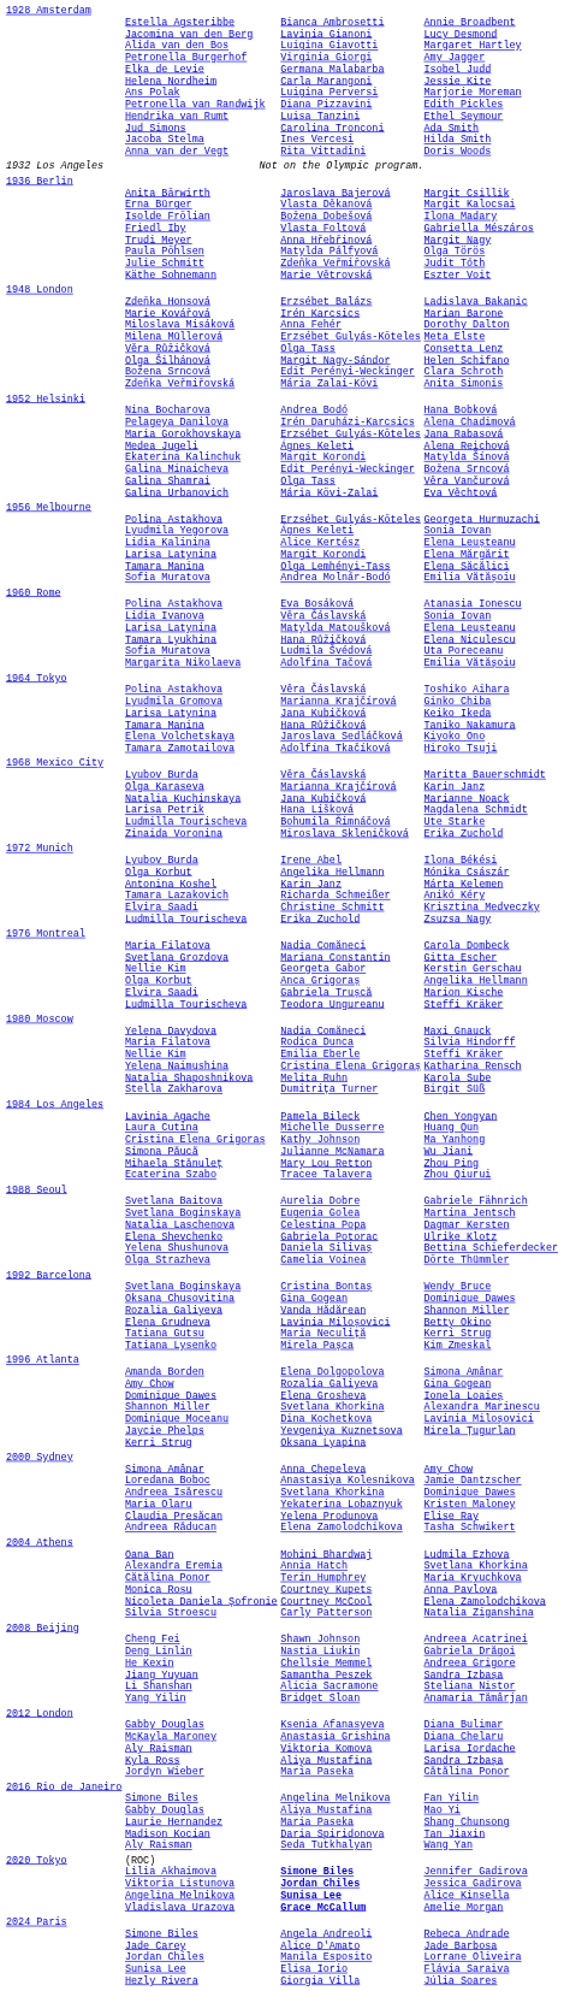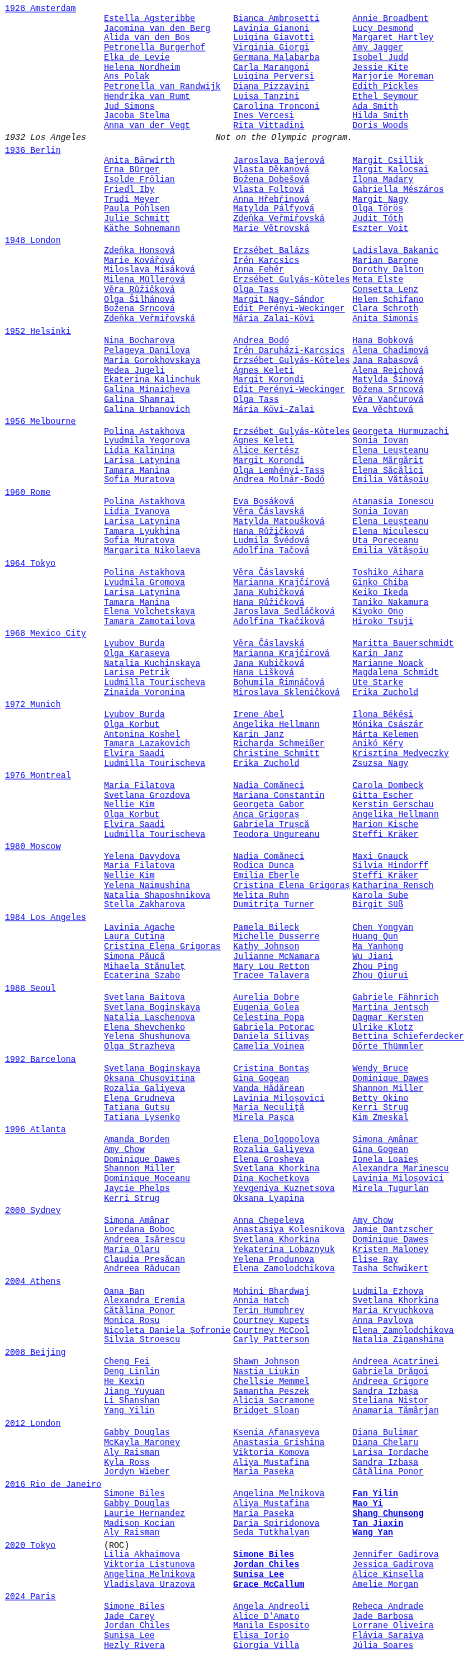 <table>
 <tr valign="top">
 <td><a href='#'>1928 Amsterdam</a><br></td>
 <td><br><a href='#'>Estella Agsteribbe</a><br><a href='#'>Jacomina van den Berg</a><br><a href='#'>Alida van den Bos</a><br><a href='#'>Petronella Burgerhof</a><br><a href='#'>Elka de Levie</a><br><a href='#'>Helena Nordheim</a><br><a href='#'>Ans Polak</a><br><a href='#'>Petronella van Randwijk</a><br><a href='#'>Hendrika van Rumt</a><br><a href='#'>Jud Simons</a><br><a href='#'>Jacoba Stelma</a><br><a href='#'>Anna van der Vegt</a></td>
 <td><br><a href='#'>Bianca Ambrosetti</a><br><a href='#'>Lavinia Gianoni</a><br><a href='#'>Luigina Giavotti</a><br><a href='#'>Virginia Giorgi</a><br><a href='#'>Germana Malabarba</a><br><a href='#'>Carla Marangoni</a><br><a href='#'>Luigina Perversi</a><br><a href='#'>Diana Pizzavini</a><br><a href='#'>Luisa Tanzini</a><br><a href='#'>Carolina Tronconi</a><br><a href='#'>Ines Vercesi</a><br><a href='#'>Rita Vittadini</a></td>
 <td><br><a href='#'>Annie Broadbent</a><br><a href='#'>Lucy Desmond</a><br><a href='#'>Margaret Hartley</a><br><a href='#'>Amy Jagger</a><br><a href='#'>Isobel Judd</a><br><a href='#'>Jessie Kite</a><br><a href='#'>Marjorie Moreman</a><br><a href='#'>Edith Pickles</a><br><a href='#'>Ethel Seymour</a><br><a href='#'>Ada Smith</a><br><a href='#'>Hilda Smith</a><br><a href='#'>Doris Woods</a></td>
 </tr>
 <tr valign="top">
 <td><em>1932 Los Angeles</em></td>
 <td colspan=3 align=center><em> Not on the Olympic program.</em></td>
 </tr>
 <tr valign="top">
 <td><a href='#'>1936 Berlin</a><br></td>
 <td><br><a href='#'>Anita Bärwirth</a><br><a href='#'>Erna Bürger</a><br><a href='#'>Isolde Frölian</a><br><a href='#'>Friedl Iby</a><br><a href='#'>Trudi Meyer</a><br><a href='#'>Paula Pöhlsen</a><br><a href='#'>Julie Schmitt</a><br><a href='#'>Käthe Sohnemann</a></td>
 <td><br><a href='#'>Jaroslava Bajerová</a><br><a href='#'>Vlasta Děkanová</a><br><a href='#'>Božena Dobešová</a><br><a href='#'>Vlasta Foltová</a><br><a href='#'>Anna Hřebřinová</a><br><a href='#'>Matylda Pálfyová</a><br><a href='#'>Zdeňka Veřmiřovská</a><br><a href='#'>Marie Větrovská</a></td>
 <td><br><a href='#'>Margit Csillik</a><br><a href='#'>Margit Kalocsai</a><br><a href='#'>Ilona Madary</a><br><a href='#'>Gabriella Mészáros</a><br><a href='#'>Margit Nagy</a><br><a href='#'>Olga Törös</a><br><a href='#'>Judit Tóth</a><br><a href='#'>Eszter Voit</a></td>
 </tr>
 <tr valign="top">
 <td><a href='#'>1948 London</a><br></td>
 <td><br><a href='#'>Zdeňka Honsová</a><br><a href='#'>Marie Kovářová</a><br><a href='#'>Miloslava Misáková</a><br><a href='#'>Milena Müllerová</a><br><a href='#'>Věra Růžičková</a><br><a href='#'>Olga Šilhánová</a><br><a href='#'>Božena Srncová</a><br><a href='#'>Zdeňka Veřmiřovská</a></td>
 <td><br><a href='#'>Erzsébet Balázs</a><br><a href='#'>Irén Karcsics</a><br><a href='#'>Anna Fehér</a><br><a href='#'>Erzsébet Gulyás-Köteles</a><br><a href='#'>Olga Tass</a><br><a href='#'>Margit Nagy-Sándor</a><br><a href='#'>Edit Perényi-Weckinger</a><br><a href='#'>Mária Zalai-Kövi</a></td>
 <td><br><a href='#'>Ladislava Bakanic</a><br><a href='#'>Marian Barone</a><br><a href='#'>Dorothy Dalton</a><br><a href='#'>Meta Elste</a><br><a href='#'>Consetta Lenz</a><br><a href='#'>Helen Schifano</a><br><a href='#'>Clara Schroth</a><br><a href='#'>Anita Simonis</a></td>
 </tr>
 <tr valign="top">
 <td><a href='#'>1952 Helsinki</a><br></td>
 <td><br><a href='#'>Nina Bocharova</a><br><a href='#'>Pelageya Danilova</a> <br><a href='#'>Maria Gorokhovskaya</a><br><a href='#'>Medea Jugeli</a><br><a href='#'>Ekaterina Kalinchuk</a><br><a href='#'>Galina Minaicheva</a><br><a href='#'>Galina Shamrai</a><br><a href='#'>Galina Urbanovich</a></td>
 <td><br><a href='#'>Andrea Bodó</a><br><a href='#'>Irén Daruházi-Karcsics</a><br><a href='#'>Erzsébet Gulyás-Köteles</a><br><a href='#'>Ágnes Keleti</a><br><a href='#'>Margit Korondi</a><br><a href='#'>Edit Perényi-Weckinger</a><br><a href='#'>Olga Tass</a><br><a href='#'>Mária Kövi-Zalai</a></td>
 <td><br><a href='#'>Hana Bobková</a><br><a href='#'>Alena Chadimová</a><br><a href='#'>Jana Rabasová</a> <br><a href='#'>Alena Reichová</a><br><a href='#'>Matylda Šínová</a> <br><a href='#'>Božena Srncová</a><br><a href='#'>Věra Vančurová</a> <br><a href='#'>Eva Věchtová</a></td>
 </tr>
 <tr valign="top">
 <td><a href='#'>1956 Melbourne</a><br></td>
 <td><br><a href='#'>Polina Astakhova</a><br><a href='#'>Lyudmila Yegorova</a><br><a href='#'>Lidia Kalinina</a><br><a href='#'>Larisa Latynina</a><br><a href='#'>Tamara Manina</a><br><a href='#'>Sofia Muratova</a></td>
 <td><br><a href='#'>Erzsébet Gulyás-Köteles</a><br><a href='#'>Ágnes Keleti</a><br><a href='#'>Alice Kertész</a><br><a href='#'>Margit Korondi</a><br><a href='#'>Olga Lemhényi-Tass</a><br><a href='#'>Andrea Molnár-Bodó</a></td>
 <td><br><a href='#'>Georgeta Hurmuzachi</a><br><a href='#'>Sonia Iovan</a><br><a href='#'>Elena Leușteanu</a><br><a href='#'>Elena Mărgărit</a><br><a href='#'>Elena Săcălici</a><br><a href='#'>Emilia Vătășoiu</a></td>
 </tr>
 <tr valign="top">
 <td><a href='#'>1960 Rome</a><br></td>
 <td valign=top><br><a href='#'>Polina Astakhova</a><br><a href='#'>Lidia Ivanova</a><br><a href='#'>Larisa Latynina</a><br><a href='#'>Tamara Lyukhina</a><br><a href='#'>Sofia Muratova</a><br><a href='#'>Margarita Nikolaeva</a></td>
 <td valign=top><br><a href='#'>Eva Bosáková</a><br><a href='#'>Věra Čáslavská</a><br><a href='#'>Matylda Matoušková</a><br><a href='#'>Hana Růžičková</a><br><a href='#'>Ludmila Švédová</a><br><a href='#'>Adolfína Tačová</a></td>
 <td valign=top><br><a href='#'>Atanasia Ionescu</a><br><a href='#'>Sonia Iovan</a><br><a href='#'>Elena Leușteanu</a><br><a href='#'>Elena Niculescu</a><br><a href='#'>Uta Poreceanu</a><br><a href='#'>Emilia Vătășoiu</a></td>
 </tr>
 <tr valign="top">
 <td><a href='#'>1964 Tokyo</a><br></td>
 <td valign=top><br><a href='#'>Polina Astakhova</a><br><a href='#'>Lyudmila Gromova</a><br><a href='#'>Larisa Latynina</a><br><a href='#'>Tamara Manina</a><br><a href='#'>Elena Volchetskaya</a><br><a href='#'>Tamara Zamotailova</a></td>
 <td valign=top><br><a href='#'>Věra Čáslavská</a><br><a href='#'>Marianna Krajčírová</a><br><a href='#'>Jana Kubičková</a><br><a href='#'>Hana Růžičková</a><br><a href='#'>Jaroslava Sedláčková</a><br><a href='#'>Adolfína Tkačíková</a></td>
 <td valign=top><br><a href='#'>Toshiko Aihara</a><br><a href='#'>Ginko Chiba</a><br><a href='#'>Keiko Ikeda</a><br><a href='#'>Taniko Nakamura</a><br><a href='#'>Kiyoko Ono</a><br><a href='#'>Hiroko Tsuji</a></td>
 </tr>
 <tr valign="top">
 <td><a href='#'>1968 Mexico City</a><br></td>
 <td valign=top><br><a href='#'>Lyubov Burda</a><br><a href='#'>Olga Karaseva</a><br><a href='#'>Natalia Kuchinskaya</a><br><a href='#'>Larisa Petrik</a><br><a href='#'>Ludmilla Tourischeva</a><br><a href='#'>Zinaida Voronina</a></td>
 <td valign=top><br><a href='#'>Věra Čáslavská</a><br><a href='#'>Marianna Krajčírová</a><br><a href='#'>Jana Kubičková</a><br><a href='#'>Hana Lišková</a><br><a href='#'>Bohumila Řimnáčová</a><br><a href='#'>Miroslava Skleničková</a></td>
 <td valign=top><br><a href='#'>Maritta Bauerschmidt</a><br><a href='#'>Karin Janz</a><br><a href='#'>Marianne Noack</a><br><a href='#'>Magdalena Schmidt</a><br><a href='#'>Ute Starke</a><br><a href='#'>Erika Zuchold</a></td>
 </tr>
 <tr valign="top">
 <td><a href='#'>1972 Munich</a><br></td>
 <td valign=top><br><a href='#'>Lyubov Burda</a><br><a href='#'>Olga Korbut</a><br><a href='#'>Antonina Koshel</a><br><a href='#'>Tamara Lazakovich</a><br><a href='#'>Elvira Saadi</a><br><a href='#'>Ludmilla Tourischeva</a></td>
 <td valign=top><br><a href='#'>Irene Abel</a><br><a href='#'>Angelika Hellmann</a><br><a href='#'>Karin Janz</a><br><a href='#'>Richarda Schmeißer</a><br><a href='#'>Christine Schmitt</a><br><a href='#'>Erika Zuchold</a></td>
 <td valign=top><br><a href='#'>Ilona Békési</a><br><a href='#'>Mónika Császár</a><br><a href='#'>Márta Kelemen</a><br><a href='#'>Anikó Kéry</a><br><a href='#'>Krisztina Medveczky</a><br><a href='#'>Zsuzsa Nagy</a></td>
 </tr>
 <tr valign="top">
 <td><a href='#'>1976 Montreal</a><br></td>
 <td valign=top><br><a href='#'>Maria Filatova</a><br><a href='#'>Svetlana Grozdova</a><br><a href='#'>Nellie Kim</a><br><a href='#'>Olga Korbut</a><br><a href='#'>Elvira Saadi</a><br><a href='#'>Ludmilla Tourischeva</a></td>
 <td valign=top><br><a href='#'>Nadia Comăneci</a><br><a href='#'>Mariana Constantin</a><br><a href='#'>Georgeta Gabor</a><br><a href='#'>Anca Grigoraș</a><br><a href='#'>Gabriela Trușcă</a><br><a href='#'>Teodora Ungureanu</a></td>
 <td valign=top><br><a href='#'>Carola Dombeck</a><br><a href='#'>Gitta Escher</a><br><a href='#'>Kerstin Gerschau</a><br><a href='#'>Angelika Hellmann</a><br><a href='#'>Marion Kische</a><br><a href='#'>Steffi Kräker</a></td>
 </tr>
 <tr valign="top">
 <td><a href='#'>1980 Moscow</a><br></td>
 <td valign=top><br><a href='#'>Yelena Davydova</a><br><a href='#'>Maria Filatova</a><br><a href='#'>Nellie Kim</a><br><a href='#'>Yelena Naimushina</a><br><a href='#'>Natalia Shaposhnikova</a><br><a href='#'>Stella Zakharova</a></td>
 <td valign=top><br><a href='#'>Nadia Comăneci</a><br><a href='#'>Rodica Dunca</a><br><a href='#'>Emilia Eberle</a><br><a href='#'>Cristina Elena Grigoraș</a><br><a href='#'>Melita Ruhn</a><br><a href='#'>Dumitrița Turner</a></td>
 <td valign=top><br><a href='#'>Maxi Gnauck</a><br><a href='#'>Silvia Hindorff</a><br><a href='#'>Steffi Kräker</a><br><a href='#'>Katharina Rensch</a><br><a href='#'>Karola Sube</a><br><a href='#'>Birgit Süß</a></td>
 </tr>
 <tr valign="top">
 <td><a href='#'>1984 Los Angeles</a><br></td>
 <td valign=top><br><a href='#'>Lavinia Agache</a><br><a href='#'>Laura Cutina</a><br><a href='#'>Cristina Elena Grigoraș</a><br><a href='#'>Simona Păucă</a><br><a href='#'>Mihaela Stănuleț</a><br><a href='#'>Ecaterina Szabo</a></td>
 <td valign=top><br><a href='#'>Pamela Bileck</a><br><a href='#'>Michelle Dusserre</a><br><a href='#'>Kathy Johnson</a><br><a href='#'>Julianne McNamara</a><br><a href='#'>Mary Lou Retton</a><br><a href='#'>Tracee Talavera</a></td>
 <td valign=top><br><a href='#'>Chen Yongyan</a><br><a href='#'>Huang Qun</a><br><a href='#'>Ma Yanhong</a><br><a href='#'>Wu Jiani</a><br><a href='#'>Zhou Ping</a><br><a href='#'>Zhou Qiurui</a></td>
 </tr>
 <tr valign="top">
 <td><a href='#'>1988 Seoul</a><br></td>
 <td valign=top><br><a href='#'>Svetlana Baitova</a><br><a href='#'>Svetlana Boginskaya</a><br><a href='#'>Natalia Laschenova</a><br><a href='#'>Elena Shevchenko</a><br><a href='#'>Yelena Shushunova</a><br><a href='#'>Olga Strazheva</a></td>
 <td valign=top><br><a href='#'>Aurelia Dobre</a><br><a href='#'>Eugenia Golea</a><br><a href='#'>Celestina Popa</a><br><a href='#'>Gabriela Potorac</a><br><a href='#'>Daniela Silivaș</a><br><a href='#'>Camelia Voinea</a></td>
 <td valign=top><br><a href='#'>Gabriele Fähnrich</a><br><a href='#'>Martina Jentsch</a><br><a href='#'>Dagmar Kersten</a><br><a href='#'>Ulrike Klotz</a><br><a href='#'>Bettina Schieferdecker</a><br><a href='#'>Dörte Thümmler</a></td>
 </tr>
 <tr valign="top">
 <td><a href='#'>1992 Barcelona</a><br></td>
 <td valign=top><br><a href='#'>Svetlana Boginskaya</a><br><a href='#'>Oksana Chusovitina</a><br><a href='#'>Rozalia Galiyeva</a><br><a href='#'>Elena Grudneva</a><br><a href='#'>Tatiana Gutsu</a><br><a href='#'>Tatiana Lysenko</a></td>
 <td valign=top><br><a href='#'>Cristina Bontaș</a><br><a href='#'>Gina Gogean</a><br><a href='#'>Vanda Hădărean</a><br><a href='#'>Lavinia Miloșovici</a><br><a href='#'>Maria Neculiță</a><br><a href='#'>Mirela Pașca</a></td>
 <td valign=top><br><a href='#'>Wendy Bruce</a><br><a href='#'>Dominique Dawes</a><br><a href='#'>Shannon Miller</a><br><a href='#'>Betty Okino</a><br><a href='#'>Kerri Strug</a><br><a href='#'>Kim Zmeskal</a></td>
 </tr>
 <tr valign="top">
 <td><a href='#'>1996 Atlanta</a><br></td>
 <td valign=top><br><a href='#'>Amanda Borden</a><br><a href='#'>Amy Chow</a><br><a href='#'>Dominique Dawes</a><br><a href='#'>Shannon Miller</a><br><a href='#'>Dominique Moceanu</a><br><a href='#'>Jaycie Phelps</a><br><a href='#'>Kerri Strug</a></td>
 <td valign=top><br><a href='#'>Elena Dolgopolova</a><br><a href='#'>Rozalia Galiyeva</a><br><a href='#'>Elena Grosheva</a><br><a href='#'>Svetlana Khorkina</a><br><a href='#'>Dina Kochetkova</a><br><a href='#'>Yevgeniya Kuznetsova</a><br><a href='#'>Oksana Lyapina</a></td>
 <td valign=top><br><a href='#'>Simona Amânar</a><br><a href='#'>Gina Gogean</a><br><a href='#'>Ionela Loaieș</a><br><a href='#'>Alexandra Marinescu</a><br><a href='#'>Lavinia Miloșovici</a><br><a href='#'>Mirela Țugurlan</a></td>
 </tr>
 <tr valign="top">
 <td><a href='#'>2000 Sydney</a><br></td>
 <td valign=top><br><a href='#'>Simona Amânar</a><br><a href='#'>Loredana Boboc</a><br><a href='#'>Andreea Isărescu</a><br><a href='#'>Maria Olaru</a><br><a href='#'>Claudia Presăcan</a><br><a href='#'>Andreea Răducan</a></td>
 <td valign=top><br><a href='#'>Anna Chepeleva</a><br><a href='#'>Anastasiya Kolesnikova</a><br><a href='#'>Svetlana Khorkina</a><br><a href='#'>Yekaterina Lobaznyuk</a><br><a href='#'>Yelena Produnova</a><br><a href='#'>Elena Zamolodchikova</a></td>
 <td valign=top><br><a href='#'>Amy Chow</a><br><a href='#'>Jamie Dantzscher</a><br><a href='#'>Dominique Dawes</a><br><a href='#'>Kristen Maloney</a><br><a href='#'>Elise Ray</a><br><a href='#'>Tasha Schwikert</a></td>
 </tr>
 <tr valign="top">
 <td><a href='#'>2004 Athens</a><br></td>
 <td valign=top><br><a href='#'>Oana Ban</a><br><a href='#'>Alexandra Eremia</a><br><a href='#'>Cătălina Ponor</a><br><a href='#'>Monica Roșu</a><br><a href='#'>Nicoleta Daniela Șofronie</a><br><a href='#'>Silvia Stroescu</a></td>
 <td valign=top><br><a href='#'>Mohini Bhardwaj</a><br><a href='#'>Annia Hatch</a><br><a href='#'>Terin Humphrey</a><br><a href='#'>Courtney Kupets</a><br><a href='#'>Courtney McCool</a><br><a href='#'>Carly Patterson</a></td>
 <td valign=top><br><a href='#'>Ludmila Ezhova</a><br><a href='#'>Svetlana Khorkina</a><br><a href='#'>Maria Kryuchkova</a><br><a href='#'>Anna Pavlova</a><br><a href='#'>Elena Zamolodchikova</a><br><a href='#'>Natalia Ziganshina</a></td>
 </tr>
 <tr valign="top">
 <td><a href='#'>2008 Beijing</a><br></td>
 <td valign=top><br><a href='#'>Cheng Fei</a><br><a href='#'>Deng Linlin</a><br><a href='#'>He Kexin</a><br><a href='#'>Jiang Yuyuan</a><br><a href='#'>Li Shanshan</a><br><a href='#'>Yang Yilin</a></td>
 <td valign=top><br><a href='#'>Shawn Johnson</a><br><a href='#'>Nastia Liukin</a><br><a href='#'>Chellsie Memmel</a><br><a href='#'>Samantha Peszek</a><br><a href='#'>Alicia Sacramone</a><br><a href='#'>Bridget Sloan</a></td>
 <td valign=top><br><a href='#'>Andreea Acatrinei</a><br><a href='#'>Gabriela Drăgoi</a><br><a href='#'>Andreea Grigore</a><br><a href='#'>Sandra Izbașa</a><br><a href='#'>Steliana Nistor</a><br><a href='#'>Anamaria Tămârjan</a></td>
 </tr>
 <tr valign="top">
 <td><a href='#'>2012 London</a><br></td>
 <td><br><a href='#'>Gabby Douglas</a><br><a href='#'>McKayla Maroney</a><br><a href='#'>Aly Raisman</a><br><a href='#'>Kyla Ross</a><br><a href='#'>Jordyn Wieber</a></td>
 <td><br><a href='#'>Ksenia Afanasyeva</a><br><a href='#'>Anastasia Grishina</a><br><a href='#'>Viktoria Komova</a><br><a href='#'>Aliya Mustafina</a><br><a href='#'>Maria Paseka</a></td>
 <td><br><a href='#'>Diana Bulimar</a><br><a href='#'>Diana Chelaru</a><br><a href='#'>Larisa Iordache</a><br><a href='#'>Sandra Izbașa</a><br><a href='#'>Cătălina Ponor</a></td>
 </tr>
 <tr valign="top">
 <td><a href='#'>2016 Rio de Janeiro</a><br></td>
 <td><br><a href='#'>Simone Biles</a><br><a href='#'>Gabby Douglas</a><br><a href='#'>Laurie Hernandez</a><br><a href='#'>Madison Kocian</a><br><a href='#'>Aly Raisman</a></td>
 <td><br><a href='#'>Angelina Melnikova</a><br><a href='#'>Aliya Mustafina</a><br><a href='#'>Maria Paseka</a><br><a href='#'>Daria Spiridonova</a><br><a href='#'>Seda Tutkhalyan</a></td>
-<td><br><a href='#'>Fan Yilin</a><br><a href='#'>Mao Yi</a><br><a href='#'>Shang Chunsong</a><br><a href='#'>Tan Jiaxin</a><br><a href='#'>Wang Yan</a></td>
+<td><strong><br><a href='#'>Fan Yilin</a><br><a href='#'>Mao Yi</a><br><a href='#'>Shang Chunsong</a><br><a href='#'>Tan Jiaxin</a><br><a href='#'>Wang Yan</a></strong></td>
 </tr>
 <tr valign="top">
 <td><a href='#'>2020 Tokyo</a><br></td>
 <td> (ROC)<br><a href='#'>Lilia Akhaimova</a><br><a href='#'>Viktoria Listunova</a><br><a href='#'>Angelina Melnikova</a><br><a href='#'>Vladislava Urazova</a></td>
 <td><strong><br><a href='#'>Simone Biles</a><br><a href='#'>Jordan Chiles</a><br><a href='#'>Sunisa Lee</a><br><a href='#'>Grace McCallum</a></strong></td>
 <td><br><a href='#'>Jennifer Gadirova</a><br><a href='#'>Jessica Gadirova</a><br><a href='#'>Alice Kinsella</a><br><a href='#'>Amelie Morgan</a></td>
 </tr>
 <tr valign="top">
 <td><a href='#'>2024 Paris</a><br></td>
 <td><br><a href='#'>Simone Biles</a><br><a href='#'>Jade Carey</a><br><a href='#'>Jordan Chiles</a><br><a href='#'>Sunisa Lee</a><br><a href='#'>Hezly Rivera</a></td>
 <td><br><a href='#'>Angela Andreoli</a><br><a href='#'>Alice D'Amato</a><br><a href='#'>Manila Esposito</a><br><a href='#'>Elisa Iorio</a><br><a href='#'>Giorgia Villa</a></td>
 <td><br><a href='#'>Rebeca Andrade</a><br><a href='#'>Jade Barbosa</a><br><a href='#'>Lorrane Oliveira</a><br><a href='#'>Flávia Saraiva</a><br><a href='#'>Júlia Soares</a></td>
 </tr>
 <tr>
 </tr>
 </table>
